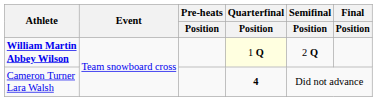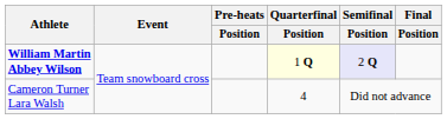 <table class="wikitable" style="font-size:90%">
 <tr>
 <th rowspan="2">Athlete</th>
 <th rowspan="2">Event</th>
 <th>Pre-heats</th>
 <th>Quarterfinal</th>
 <th>Semifinal</th>
 <th>Final</th>
 </tr>
 <tr style="font-size:95%">
 <th>Position</th>
 <th>Position</th>
 <th>Position</th>
 <th>Position</th>
 </tr>
 <tr align=center>
 <td align=left><strong><a href='#'>William Martin</a><br><a href='#'>Abbey Wilson</a></strong></td>
 <td align=left rowspan=2><a href='#'>Team snowboard cross</a></td>
 <td></td>
 <td style="background: lightyellow;">1 <strong>Q</strong></td>
-<td>2 <strong>Q</strong></td>
+<td style="background: lavender;">2 <strong>Q</strong></td>
 <td></td>
 </tr>
 <tr align=center>
 <td align=left><a href='#'>Cameron Turner</a><br><a href='#'>Lara Walsh</a></td>
 <td></td>
-<td><strong>4</strong></td>
+<td>4</td>
 <td colspan=2>Did not advance</td>
 </tr>
 </table>
